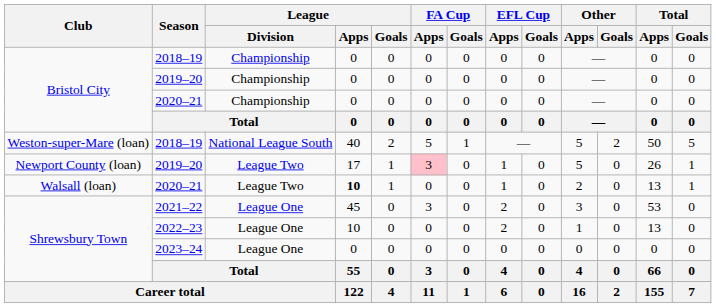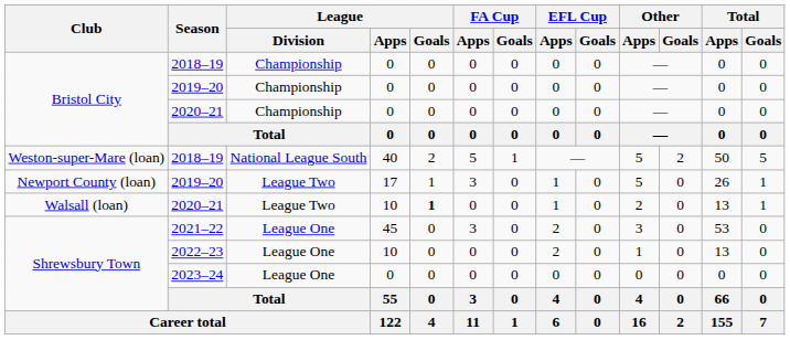 <table class=wikitable style="text-align: center">
 <tr>
 <th rowspan=2>Club</th>
 <th rowspan=2>Season</th>
 <th colspan=3>League</th>
 <th colspan=2><a href='#'>FA Cup</a></th>
 <th colspan=2><a href='#'>EFL Cup</a></th>
 <th colspan=2>Other</th>
 <th colspan=2>Total</th>
 </tr>
 <tr>
 <th>Division</th>
 <th>Apps</th>
 <th>Goals</th>
 <th>Apps</th>
 <th>Goals</th>
 <th>Apps</th>
 <th>Goals</th>
 <th>Apps</th>
 <th>Goals</th>
 <th>Apps</th>
 <th>Goals</th>
 </tr>
 <tr>
 <td rowspan=4><a href='#'>Bristol City</a></td>
 <td><a href='#'>2018–19</a></td>
 <td><a href='#'>Championship</a></td>
 <td>0</td>
 <td>0</td>
 <td>0</td>
 <td>0</td>
 <td>0</td>
 <td>0</td>
 <td colspan=2>—</td>
 <td>0</td>
 <td>0</td>
 </tr>
 <tr>
 <td><a href='#'>2019–20</a></td>
 <td>Championship</td>
 <td>0</td>
 <td>0</td>
 <td>0</td>
 <td>0</td>
 <td>0</td>
 <td>0</td>
 <td colspan=2>—</td>
 <td>0</td>
 <td>0</td>
 </tr>
 <tr>
 <td><a href='#'>2020–21</a></td>
 <td>Championship</td>
 <td>0</td>
 <td>0</td>
 <td>0</td>
 <td>0</td>
 <td>0</td>
 <td>0</td>
 <td colspan=2>—</td>
 <td>0</td>
 <td>0</td>
 </tr>
 <tr>
 <th colspan=2>Total</th>
 <th>0</th>
 <th>0</th>
 <th>0</th>
 <th>0</th>
 <th>0</th>
 <th>0</th>
 <th colspan=2>—</th>
 <th>0</th>
 <th>0</th>
 </tr>
 <tr>
 <td><a href='#'>Weston-super-Mare</a> (loan)</td>
 <td><a href='#'>2018–19</a></td>
 <td><a href='#'>National League South</a></td>
 <td>40</td>
 <td>2</td>
 <td>5</td>
 <td>1</td>
 <td colspan=2>—</td>
 <td>5</td>
 <td>2</td>
 <td>50</td>
 <td>5</td>
 </tr>
 <tr>
 <td><a href='#'>Newport County</a> (loan)</td>
 <td><a href='#'>2019–20</a></td>
 <td><a href='#'>League Two</a></td>
 <td>17</td>
 <td>1</td>
-<td style="background: pink;">3</td>
+<td>3</td>
 <td>0</td>
 <td>1</td>
 <td>0</td>
 <td>5</td>
 <td>0</td>
 <td>26</td>
 <td>1</td>
 </tr>
 <tr>
 <td><a href='#'>Walsall</a> (loan)</td>
 <td><a href='#'>2020–21</a></td>
 <td>League Two</td>
-<td><strong>10</strong></td>
-<td>1</td>
+<td>10</td>
+<td><strong>1</strong></td>
 <td>0</td>
 <td>0</td>
 <td>1</td>
 <td>0</td>
 <td>2</td>
 <td>0</td>
 <td>13</td>
 <td>1</td>
 </tr>
 <tr>
 <td rowspan=4><a href='#'>Shrewsbury Town</a></td>
 <td><a href='#'>2021–22</a></td>
 <td><a href='#'>League One</a></td>
 <td>45</td>
 <td>0</td>
 <td>3</td>
 <td>0</td>
 <td>2</td>
 <td>0</td>
 <td>3</td>
 <td>0</td>
 <td>53</td>
 <td>0</td>
 </tr>
 <tr>
 <td><a href='#'>2022–23</a></td>
 <td>League One</td>
 <td>10</td>
 <td>0</td>
 <td>0</td>
 <td>0</td>
 <td>2</td>
 <td>0</td>
 <td>1</td>
 <td>0</td>
 <td>13</td>
 <td>0</td>
 </tr>
 <tr>
 <td><a href='#'>2023–24</a></td>
 <td>League One</td>
 <td>0</td>
 <td>0</td>
 <td>0</td>
 <td>0</td>
 <td>0</td>
 <td>0</td>
 <td>0</td>
 <td>0</td>
 <td>0</td>
 <td>0</td>
 </tr>
 <tr>
 <th colspan=2>Total</th>
 <th>55</th>
 <th>0</th>
 <th>3</th>
 <th>0</th>
 <th>4</th>
 <th>0</th>
 <th>4</th>
 <th>0</th>
 <th>66</th>
 <th>0</th>
 </tr>
 <tr>
 <th colspan=3>Career total</th>
 <th>122</th>
 <th>4</th>
 <th>11</th>
 <th>1</th>
 <th>6</th>
 <th>0</th>
 <th>16</th>
 <th>2</th>
 <th>155</th>
 <th>7</th>
 </tr>
 </table>
